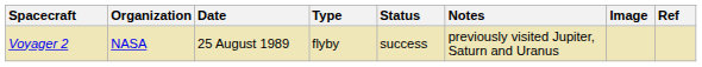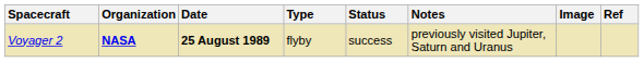 <table class="wikitable" style="margin: 1em auto 1em auto; width:90%; font-size:95%;">
 <tr>
 <th colspan="2"  style="text-align:left; width:15%;">Spacecraft</th>
 <th style="text-align:left; width:11%;">Organization</th>
 <th style="text-align:left; width:17%;">Date</th>
 <th style="text-align:left; width:10%;">Type</th>
 <th style="text-align:left; width:10%;">Status</th>
 <th style="text-align:left; width:24%;">Notes</th>
 <th style="text-align:left; width:7%;">Image</th>
 <th style="text-align:left; width:6%;">Ref</th>
 </tr>
 <tr style="background:#EFE7B8">
 <td colspan="2"><em><a href='#'>Voyager 2</a></em></td>
-<td> <a href='#'>NASA</a></td>
-<td>25 August 1989</td>
+<td><strong> <a href='#'>NASA</a></strong></td>
+<td><strong>25 August 1989</strong></td>
 <td>flyby</td>
 <td>success</td>
 <td>previously visited Jupiter, Saturn and Uranus</td>
 <td></td>
 <td><br></td>
 </tr>
 </table>
